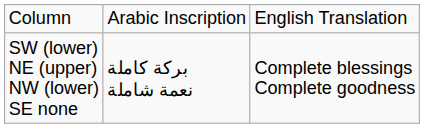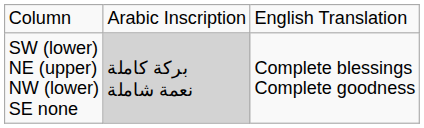 <table class="wikitable">
 <tr>
 <td>Column</td>
 <td>Arabic Inscription</td>
 <td>English Translation</td>
 </tr>
 <tr>
 <td>SW (lower)<br>NE (upper)<br>NW (lower)<br>SE none</td>
-<td>بركة كاملة<br>نعمة شاملة</td>
+<td style="background: lightgrey;">بركة كاملة<br>نعمة شاملة</td>
 <td>Complete blessings<br>Complete goodness</td>
 </tr>
 </table>
